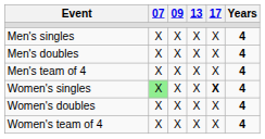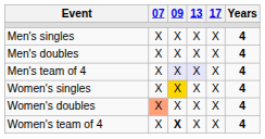 <table class="wikitable" style="text-align:center">
 <tr>
 <th width="200">Event</th>
 <th width=20><a href='#'>07</a></th>
 <th width=20><a href='#'>09</a></th>
 <th width=20><a href='#'>13</a></th>
 <th width=20><a href='#'>17</a></th>
 <th width=40>Years</th>
 </tr>
 <tr style="background:#DDDDDD;">
 <td colspan=7></td>
 </tr>
 <tr>
 <td align=left>Men's singles</td>
 <td>X</td>
 <td>X</td>
 <td>X</td>
 <td>X</td>
 <td><strong>4</strong></td>
 </tr>
 <tr>
 <td align=left>Men's doubles</td>
 <td>X</td>
 <td>X</td>
 <td>X</td>
 <td>X</td>
 <td><strong>4</strong></td>
 </tr>
 <tr>
 <td align=left>Men's team of 4</td>
 <td>X</td>
+<td style="background: lavender;">X</td>
+<td style="background: lavender;">X</td>
 <td>X</td>
+<td><strong>4</strong></td>
+</tr>
+<tr>
+<td align=left>Women's singles</td>
+<td>X</td>
+<td style="background: gold;">X</td>
 <td>X</td>
 <td>X</td>
 <td><strong>4</strong></td>
 </tr>
 <tr>
-<td align=left>Women's singles</td>
-<td style="background: lightgreen;">X</td>
-<td>X</td>
-<td>X</td>
-<td><strong>X</strong></td>
-<td><strong>4</strong></td>
-</tr>
-<tr>
 <td align=left>Women's doubles</td>
-<td>X</td>
+<td style="background: lightsalmon;">X</td>
 <td>X</td>
 <td>X</td>
 <td>X</td>
 <td><strong>4</strong></td>
 </tr>
 <tr>
 <td align=left>Women's team of 4</td>
 <td>X</td>
-<td>X</td>
+<td><strong>X</strong></td>
 <td>X</td>
 <td>X</td>
 <td><strong>4</strong></td>
 </tr>
 </table>
